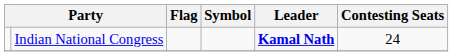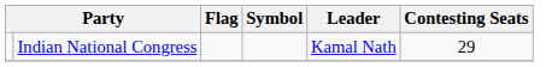 <table class="wikitable" style="text-align:center">
 <tr>
 <th colspan="2">Party</th>
 <th>Flag</th>
 <th>Symbol</th>
 <th>Leader</th>
 <th>Contesting Seats</th>
 </tr>
 <tr>
 <td></td>
 <td><a href='#'>Indian National Congress</a></td>
 <td></td>
 <td></td>
-<td><strong><a href='#'>Kamal Nath</a></strong></td>
-<td>24</td>
+<td><a href='#'>Kamal Nath</a></td>
+<td>29</td>
 </tr>
 <tr>
 </tr>
 </table>
